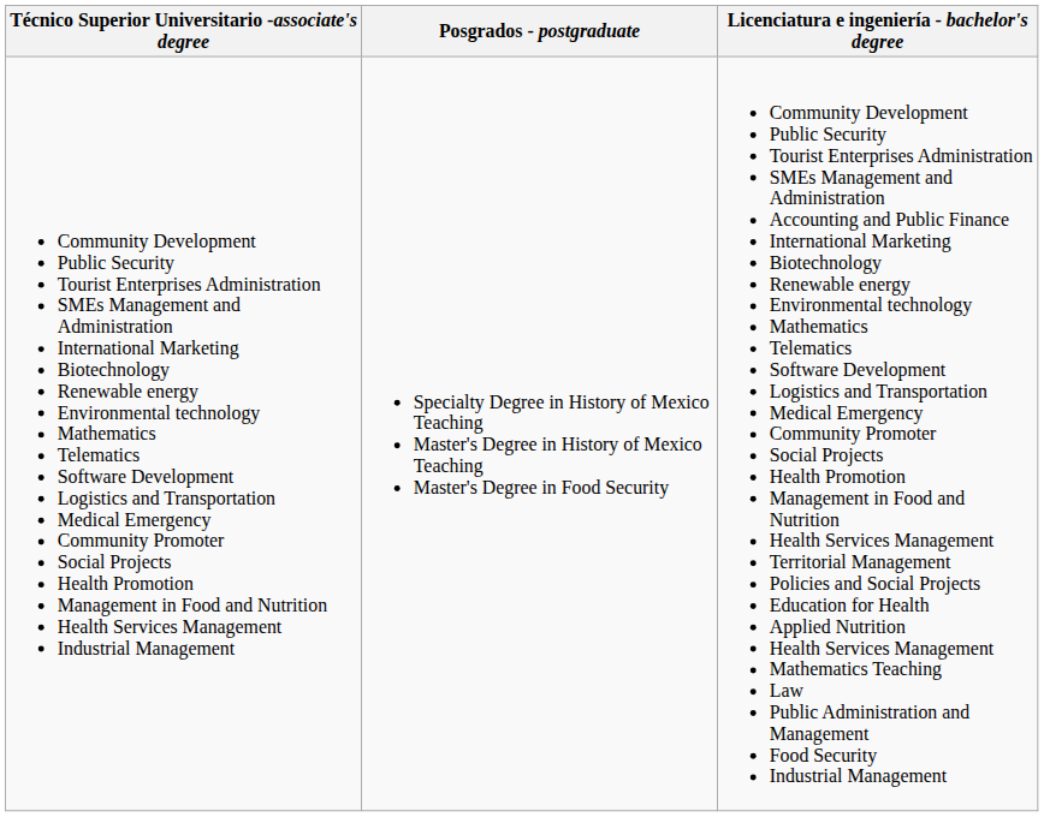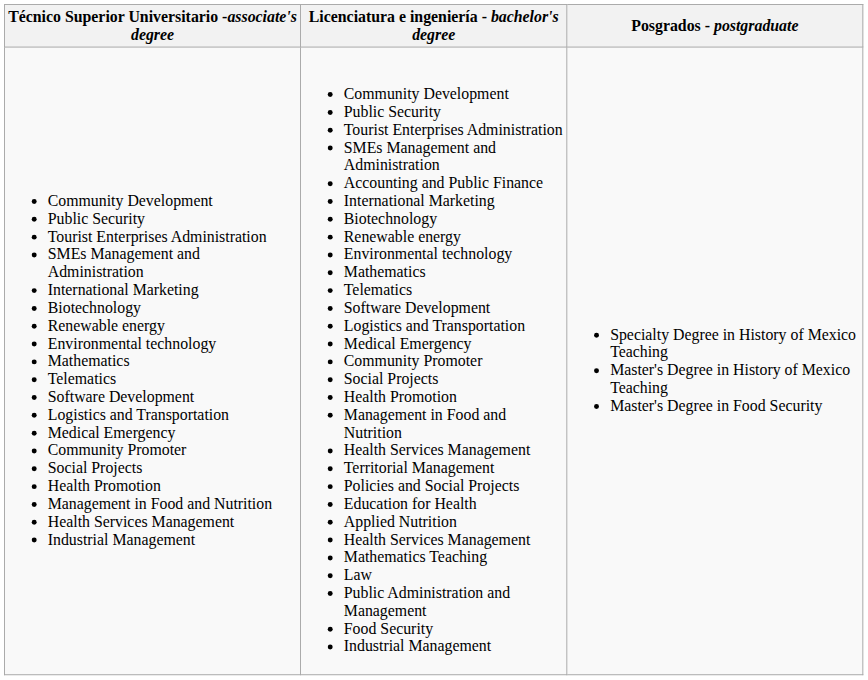 <table class="wikitable">
 <tr>
 <th>Técnico Superior Universitario -<em>associate's degree</em></th>
+<th>Licenciatura e ingeniería - <em>bachelor's degree</em></th>
 <th>Posgrados - <em>postgraduate</em></th>
-<th>Licenciatura e ingeniería - <em>bachelor's degree</em></th>
 </tr>
 <tr>
 <td><br><ul><li>Community Development</li><li>Public Security</li><li>Tourist Enterprises Administration</li><li>SMEs Management and Administration</li><li>International Marketing</li><li>Biotechnology</li><li>Renewable energy</li><li>Environmental technology</li><li>Mathematics</li><li>Telematics</li><li>Software Development</li><li>Logistics and Transportation</li><li>Medical Emergency</li><li>Community Promoter</li><li>Social Projects</li><li>Health Promotion</li><li>Management in Food and Nutrition</li><li>Health Services Management</li><li>Industrial Management</li></ul></td>
+<td><br><ul><li>Community Development</li><li>Public Security</li><li>Tourist Enterprises Administration</li><li>SMEs Management and Administration</li><li>Accounting and Public Finance</li><li>International Marketing</li><li>Biotechnology</li><li>Renewable energy</li><li>Environmental technology</li><li>Mathematics</li><li>Telematics</li><li>Software Development</li><li>Logistics and Transportation</li><li>Medical Emergency</li><li>Community Promoter</li><li>Social Projects</li><li>Health Promotion</li><li>Management in Food and Nutrition</li><li>Health Services Management</li><li>Territorial Management</li><li>Policies and Social Projects</li><li>Education for Health</li><li>Applied Nutrition</li><li>Health Services Management</li><li>Mathematics Teaching</li><li>Law</li><li>Public Administration and Management</li><li>Food Security</li><li>Industrial Management</li></ul></td>
 <td><br><ul><li>Specialty Degree in History of Mexico Teaching</li><li>Master's Degree in History of Mexico Teaching</li><li>Master's Degree in Food Security</li></ul></td>
-<td><br><ul><li>Community Development</li><li>Public Security</li><li>Tourist Enterprises Administration</li><li>SMEs Management and Administration</li><li>Accounting and Public Finance</li><li>International Marketing</li><li>Biotechnology</li><li>Renewable energy</li><li>Environmental technology</li><li>Mathematics</li><li>Telematics</li><li>Software Development</li><li>Logistics and Transportation</li><li>Medical Emergency</li><li>Community Promoter</li><li>Social Projects</li><li>Health Promotion</li><li>Management in Food and Nutrition</li><li>Health Services Management</li><li>Territorial Management</li><li>Policies and Social Projects</li><li>Education for Health</li><li>Applied Nutrition</li><li>Health Services Management</li><li>Mathematics Teaching</li><li>Law</li><li>Public Administration and Management</li><li>Food Security</li><li>Industrial Management</li></ul></td>
 </tr>
 </table>
